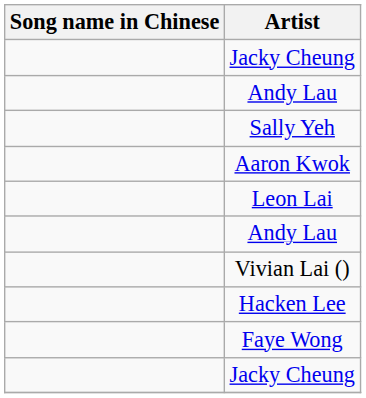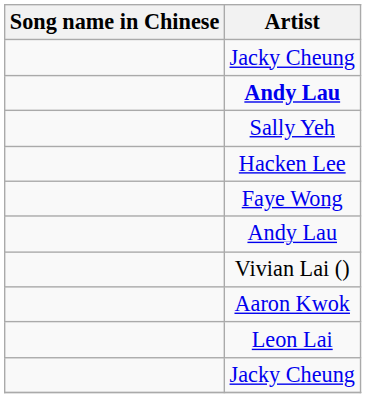 <table class="wikitable" style="text-align: center;">
 <tr>
 <th>Song name in Chinese</th>
 <th>Artist</th>
 </tr>
 <tr>
 <td></td>
 <td><a href='#'>Jacky Cheung</a></td>
 </tr>
 <tr>
 <td></td>
+<td><strong><a href='#'>Andy Lau</a></strong></td>
+</tr>
+<tr>
+<td></td>
+<td><a href='#'>Sally Yeh</a></td>
+</tr>
+<tr>
+<td></td>
+<td><a href='#'>Hacken Lee</a></td>
+</tr>
+<tr>
+<td></td>
+<td><a href='#'>Faye Wong</a></td>
+</tr>
+<tr>
+<td></td>
 <td><a href='#'>Andy Lau</a></td>
 </tr>
 <tr>
 <td></td>
-<td><a href='#'>Sally Yeh</a></td>
+<td>Vivian Lai ()</td>
 </tr>
 <tr>
 <td></td>
 <td><a href='#'>Aaron Kwok</a></td>
 </tr>
 <tr>
 <td></td>
 <td><a href='#'>Leon Lai</a></td>
 </tr>
 <tr>
 <td></td>
-<td><a href='#'>Andy Lau</a></td>
-</tr>
-<tr>
-<td></td>
-<td>Vivian Lai ()</td>
-</tr>
-<tr>
-<td></td>
-<td><a href='#'>Hacken Lee</a></td>
-</tr>
-<tr>
-<td></td>
-<td><a href='#'>Faye Wong</a></td>
-</tr>
-<tr>
-<td></td>
 <td><a href='#'>Jacky Cheung</a></td>
 </tr>
 <tr>
 </tr>
 </table>
